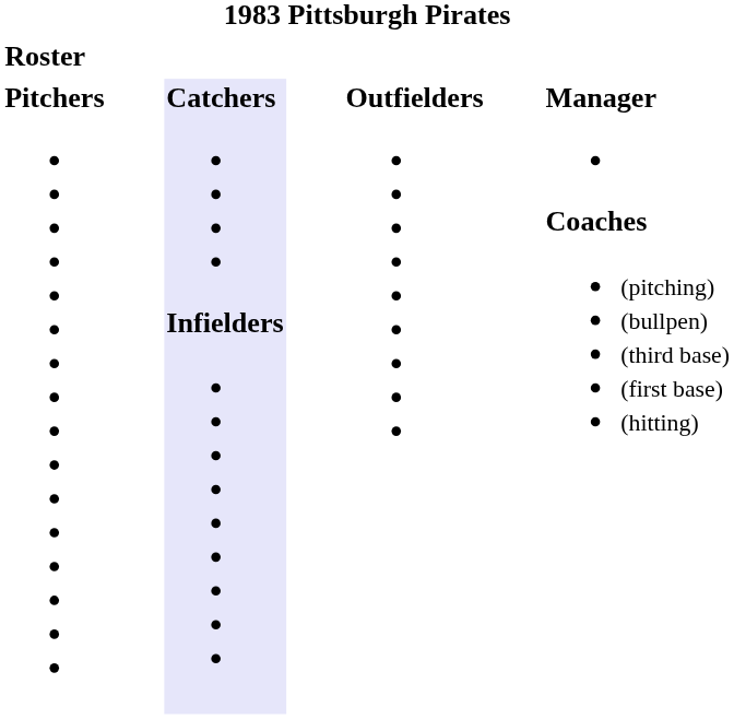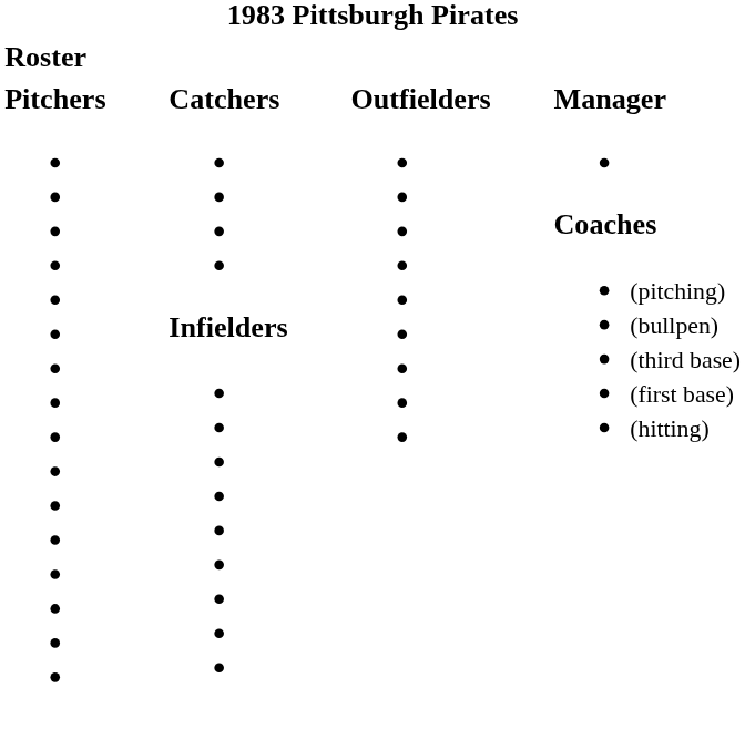 <table class="toccolours" style="font-size: 95%;">
 <tr>
 <th colspan="10">1983 Pittsburgh Pirates</th>
 </tr>
 <tr>
 <td colspan="10"><strong>Roster</strong></td>
 </tr>
 <tr>
 <td valign="top"><strong>Pitchers</strong><br><ul><li></li><li></li><li></li><li></li><li></li><li></li><li></li><li></li><li></li><li></li><li></li><li></li><li></li><li></li><li></li><li></li></ul></td>
 <td width="25px"></td>
-<td valign="top" style="background: lavender;"><strong>Catchers</strong><br><ul><li></li><li></li><li></li><li></li></ul><strong>Infielders</strong><ul><li></li><li></li><li></li><li></li><li></li><li></li><li></li><li></li><li></li></ul></td>
+<td valign="top"><strong>Catchers</strong><br><ul><li></li><li></li><li></li><li></li></ul><strong>Infielders</strong><ul><li></li><li></li><li></li><li></li><li></li><li></li><li></li><li></li><li></li></ul></td>
 <td width="25px"></td>
 <td valign="top"><strong>Outfielders</strong><br><ul><li></li><li></li><li></li><li></li><li></li><li></li><li></li><li></li><li></li></ul></td>
 <td width="25px"></td>
 <td valign="top"><strong>Manager</strong><br><ul><li></li></ul><strong>Coaches</strong><ul><li> <small>(pitching)</small></li><li> <small>(bullpen)</small></li><li> <small>(third base)</small></li><li> <small>(first base)</small></li><li> <small>(hitting)</small></li></ul></td>
 </tr>
 </table>
